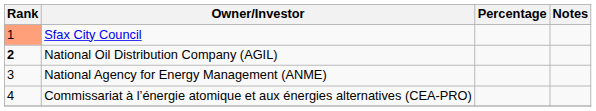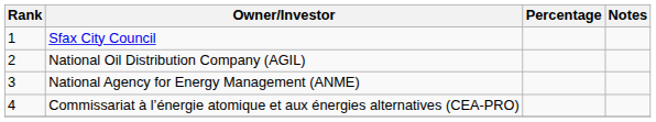 <table class="wikitable sortable" style="margin: 0.5em auto">
 <tr>
 <th>Rank</th>
 <th>Owner/Investor</th>
 <th>Percentage</th>
 <th>Notes</th>
 </tr>
 <tr>
-<td style="background: lightsalmon;">1</td>
+<td>1</td>
 <td><a href='#'>Sfax City Council</a></td>
 <td></td>
 <td></td>
 </tr>
 <tr>
-<td><strong>2</strong></td>
+<td>2</td>
 <td>National Oil Distribution Company (AGIL)</td>
 <td></td>
 <td></td>
 </tr>
 <tr>
 <td>3</td>
 <td>National Agency for Energy Management (ANME)</td>
 <td></td>
 <td></td>
 </tr>
 <tr>
 <td>4</td>
 <td>Commissariat à l’énergie atomique et aux énergies alternatives (CEA-PRO)</td>
 <td></td>
 <td></td>
 </tr>
 <tr>
 </tr>
 </table>
